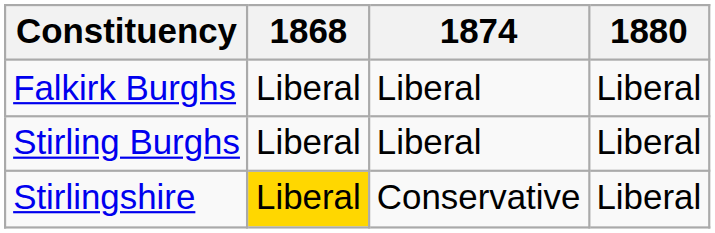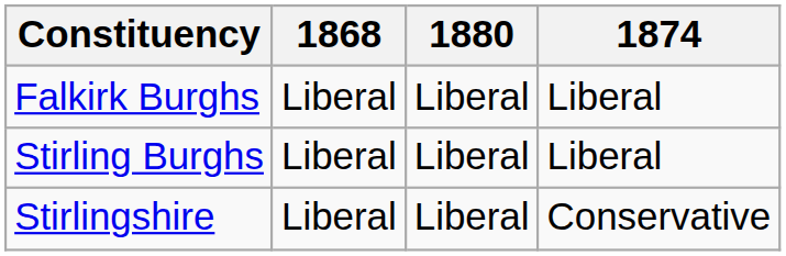 <table class="wikitable">
 <tr>
 <th>Constituency</th>
 <th>1868</th>
+<th>1880</th>
 <th>1874</th>
-<th>1880</th>
 </tr>
 <tr>
 <td><a href='#'>Falkirk Burghs</a></td>
 <td>Liberal</td>
 <td>Liberal</td>
 <td>Liberal</td>
 </tr>
 <tr>
 <td><a href='#'>Stirling Burghs</a></td>
 <td>Liberal</td>
 <td>Liberal</td>
 <td>Liberal</td>
 </tr>
 <tr>
 <td><a href='#'>Stirlingshire</a></td>
-<td style="background: gold;">Liberal</td>
+<td>Liberal</td>
+<td>Liberal</td>
 <td>Conservative</td>
-<td>Liberal</td>
 </tr>
 </table>
